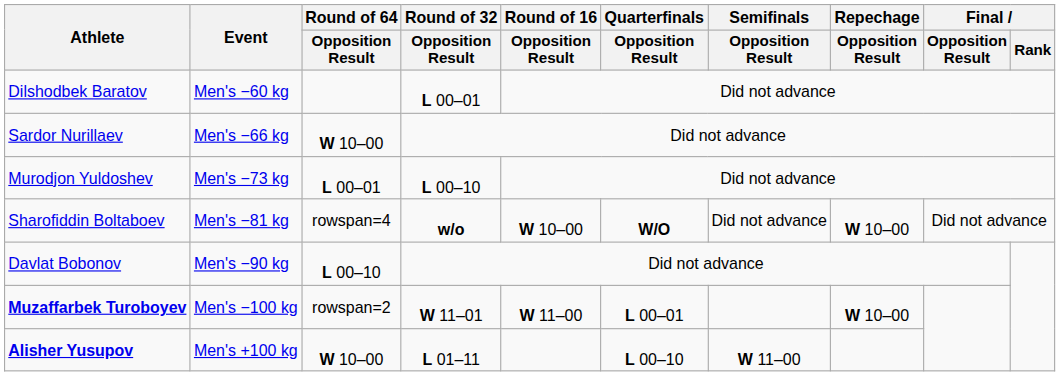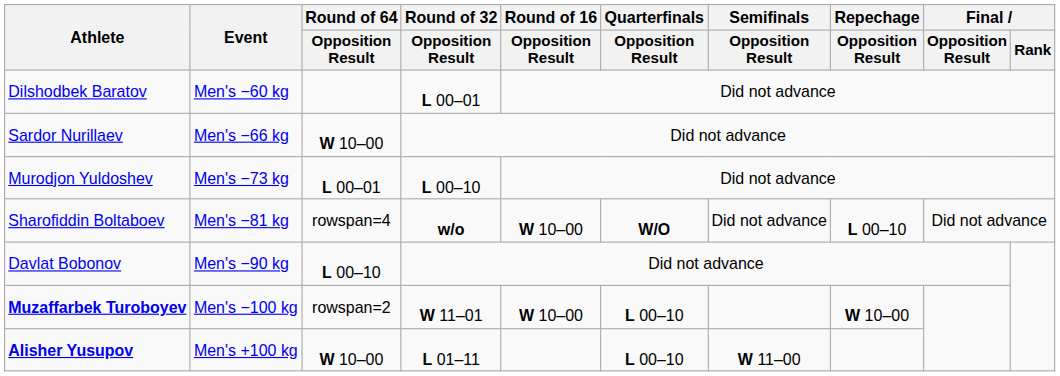 <table class=wikitable style=font-size:90%;text-align:center>
 <tr>
 <th rowspan=2>Athlete</th>
 <th rowspan=2>Event</th>
 <th>Round of 64</th>
 <th>Round of 32</th>
 <th>Round of 16</th>
 <th>Quarterfinals</th>
 <th>Semifinals</th>
 <th>Repechage</th>
 <th colspan=2>Final / </th>
 </tr>
 <tr style=font-size:95%>
 <th>Opposition<br>Result</th>
 <th>Opposition<br>Result</th>
 <th>Opposition<br>Result</th>
 <th>Opposition<br>Result</th>
 <th>Opposition<br>Result</th>
 <th>Opposition<br>Result</th>
 <th>Opposition<br>Result</th>
 <th>Rank</th>
 </tr>
 <tr align=center>
 <td align=left><a href='#'>Dilshodbek Baratov</a></td>
 <td align=left><a href='#'>Men's −60 kg</a></td>
 <td></td>
 <td><br><strong>L</strong> 00–01</td>
 <td colspan=6>Did not advance</td>
 </tr>
 <tr align=center>
 <td align=left><a href='#'>Sardor Nurillaev</a></td>
 <td align=left><a href='#'>Men's −66 kg</a></td>
 <td><br><strong>W</strong> 10–00</td>
 <td colspan=7>Did not advance</td>
 </tr>
 <tr align=center>
 <td align=left><a href='#'>Murodjon Yuldoshev</a></td>
 <td align=left><a href='#'>Men's −73 kg</a></td>
 <td><br><strong>L</strong> 00–01</td>
 <td><br><strong>L</strong> 00–10</td>
 <td colspan=6>Did not advance</td>
 </tr>
 <tr align=center>
 <td align=left><a href='#'>Sharofiddin Boltaboev</a></td>
 <td align=left><a href='#'>Men's −81 kg</a></td>
 <td>rowspan=4 </td>
 <td><s></s><br><strong> w/o</strong></td>
 <td><br><strong>W</strong> 10–00</td>
 <td><br> <strong>W/O</strong> </td>
 <td>Did not advance</td>
-<td><br><strong>W</strong> 10–00</td>
+<td><br><strong>L</strong> 00–10</td>
 <td colspan=2>Did not advance</td>
 </tr>
 <tr align=center>
 <td align=left><a href='#'>Davlat Bobonov</a></td>
 <td align=left><a href='#'>Men's −90 kg</a></td>
 <td><br><strong>L</strong> 00–10</td>
 <td colspan=6>Did not advance</td>
 </tr>
 <tr align=center>
 <td align=left><strong><a href='#'>Muzaffarbek Turoboyev</a></strong></td>
 <td align=left><a href='#'>Men's −100 kg</a></td>
 <td>rowspan=2 </td>
 <td><br><strong>W</strong> 11–01</td>
-<td><br><strong>W</strong> 11–00</td>
-<td><br><strong>L</strong> 00–01</td>
+<td><br><strong>W</strong> 10–00</td>
+<td><br><strong>L</strong> 00–10</td>
 <td></td>
 <td><br><strong>W</strong> 10–00</td>
 <td rowspan=2></td>
 </tr>
 <tr align=center>
 <td align=left><strong><a href='#'>Alisher Yusupov</a></strong></td>
 <td align=left><a href='#'>Men's +100 kg</a></td>
 <td><br><strong>W</strong> 10–00</td>
 <td><br><strong>L</strong> 01–11</td>
 <td></td>
 <td><br><strong>L</strong> 00–10</td>
 <td><br><strong>W</strong> 11–00</td>
 </tr>
 </table>
